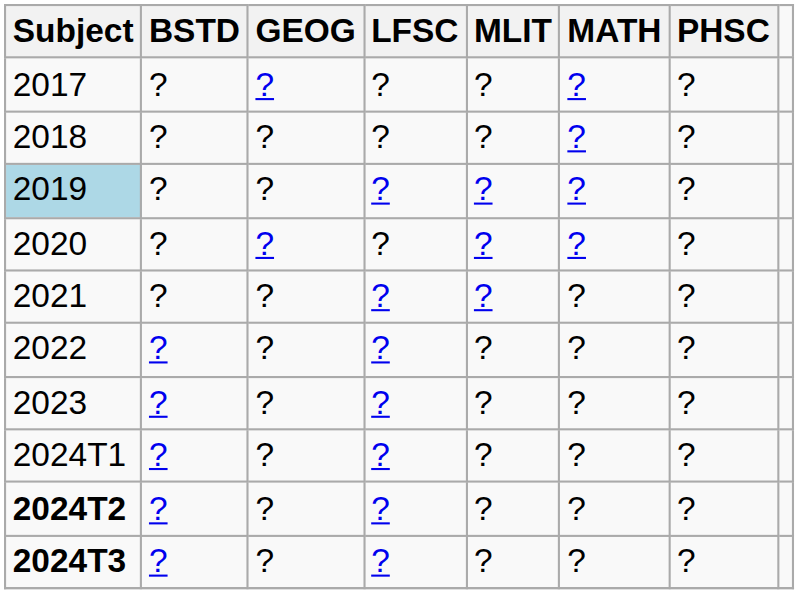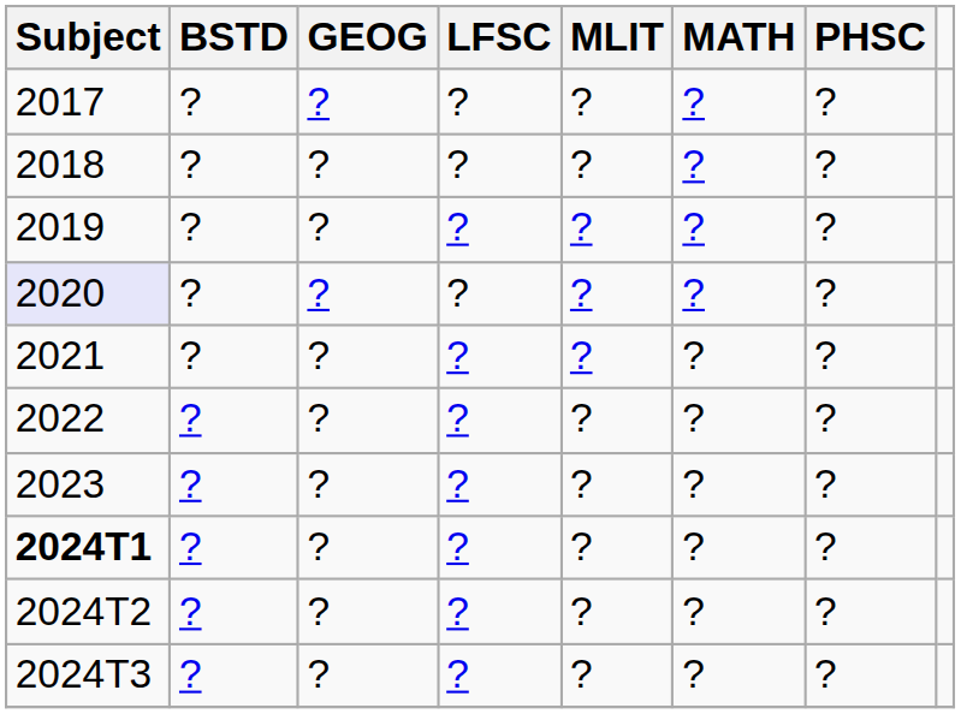 <table Class = "wikitable">
 <tr>
 <th>Subject</th>
 <th>BSTD</th>
 <th>GEOG</th>
 <th>LFSC</th>
 <th>MLIT</th>
 <th>MATH</th>
 <th>PHSC</th>
 </tr>
 <tr>
 <td>2017</td>
 <td>?</td>
 <td><a href='#'>?</a></td>
 <td>?</td>
 <td>?</td>
 <td><a href='#'>?</a></td>
 <td>?</td>
 <td></td>
 </tr>
 <tr>
 <td>2018</td>
 <td>?</td>
 <td>?</td>
 <td>?</td>
 <td>?</td>
 <td><a href='#'>?</a></td>
 <td>?</td>
 <td></td>
 </tr>
 <tr>
-<td style="background: lightblue;">2019</td>
+<td>2019</td>
 <td>?</td>
 <td>?</td>
 <td><a href='#'>?</a></td>
 <td><a href='#'>?</a></td>
 <td><a href='#'>?</a></td>
 <td>?</td>
 <td></td>
 </tr>
 <tr>
-<td>2020</td>
+<td style="background: lavender;">2020</td>
 <td>?</td>
 <td><a href='#'>?</a></td>
 <td>?</td>
 <td><a href='#'>?</a></td>
 <td><a href='#'>?</a></td>
 <td>?</td>
 <td></td>
 </tr>
 <tr>
 <td>2021</td>
 <td>?</td>
 <td>?</td>
 <td><a href='#'>?</a></td>
 <td><a href='#'>?</a></td>
 <td>?</td>
 <td>?</td>
 <td></td>
 </tr>
 <tr>
 <td>2022</td>
 <td><a href='#'>?</a></td>
 <td>?</td>
 <td><a href='#'>?</a></td>
 <td>?</td>
 <td>?</td>
 <td>?</td>
 <td></td>
 </tr>
 <tr>
 <td>2023</td>
 <td><a href='#'>?</a></td>
 <td>?</td>
 <td><a href='#'>?</a></td>
 <td>?</td>
 <td>?</td>
 <td>?</td>
 <td></td>
 </tr>
 <tr>
-<td>2024T1</td>
+<td><strong>2024T1</strong></td>
 <td><a href='#'>?</a></td>
 <td>?</td>
 <td><a href='#'>?</a></td>
 <td>?</td>
 <td>?</td>
 <td>?</td>
 <td></td>
 </tr>
 <tr>
-<td><strong>2024T2</strong></td>
+<td>2024T2</td>
 <td><a href='#'>?</a></td>
 <td>?</td>
 <td><a href='#'>?</a></td>
 <td>?</td>
 <td>?</td>
 <td>?</td>
 <td></td>
 </tr>
 <tr>
-<td><strong>2024T3</strong></td>
+<td>2024T3</td>
 <td><a href='#'>?</a></td>
 <td>?</td>
 <td><a href='#'>?</a></td>
 <td>?</td>
 <td>?</td>
 <td>?</td>
 <td></td>
 </tr>
 <tr>
 </tr>
 </table>
